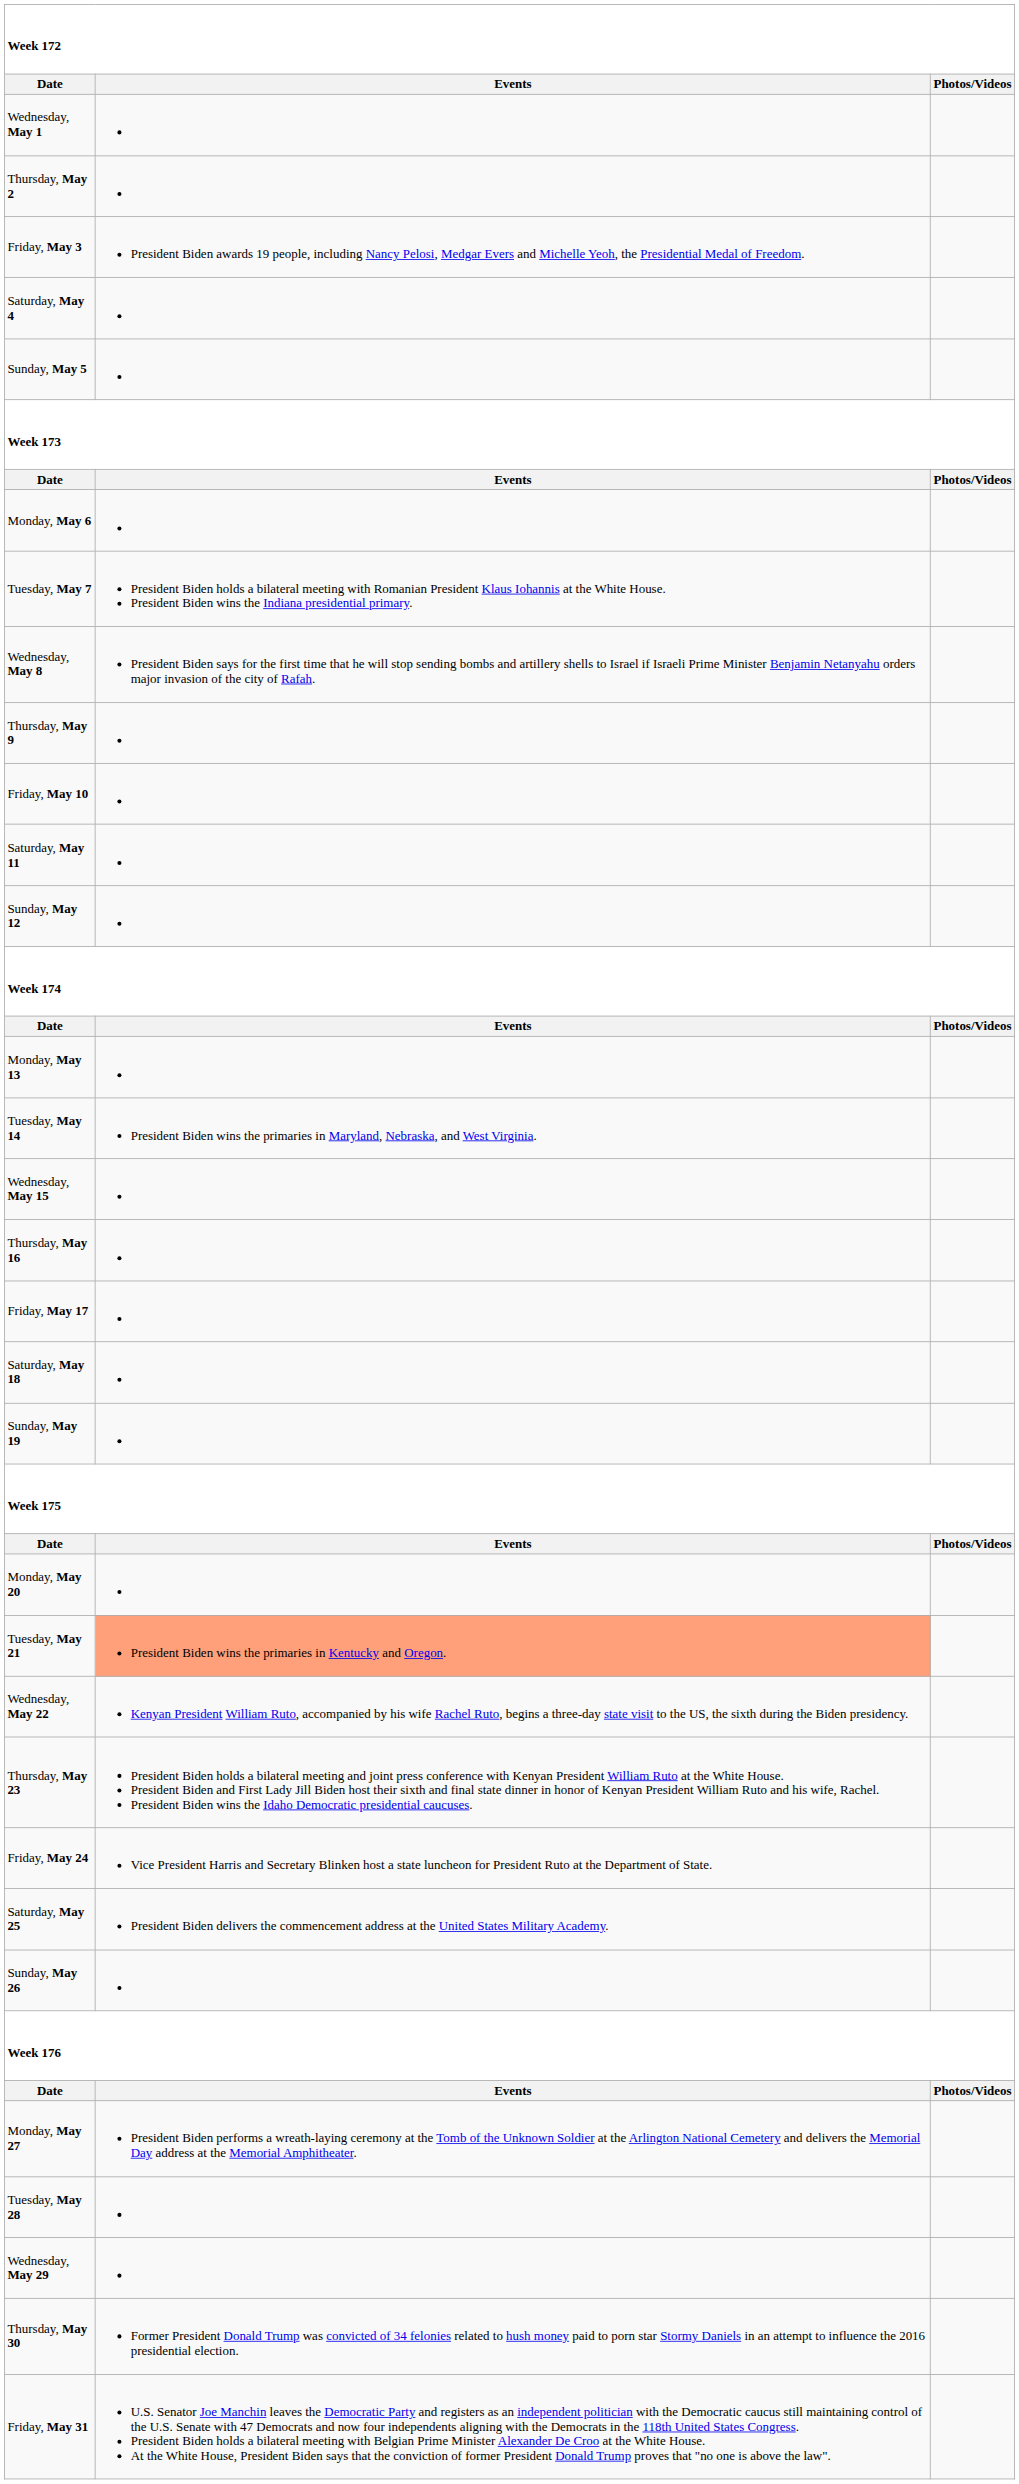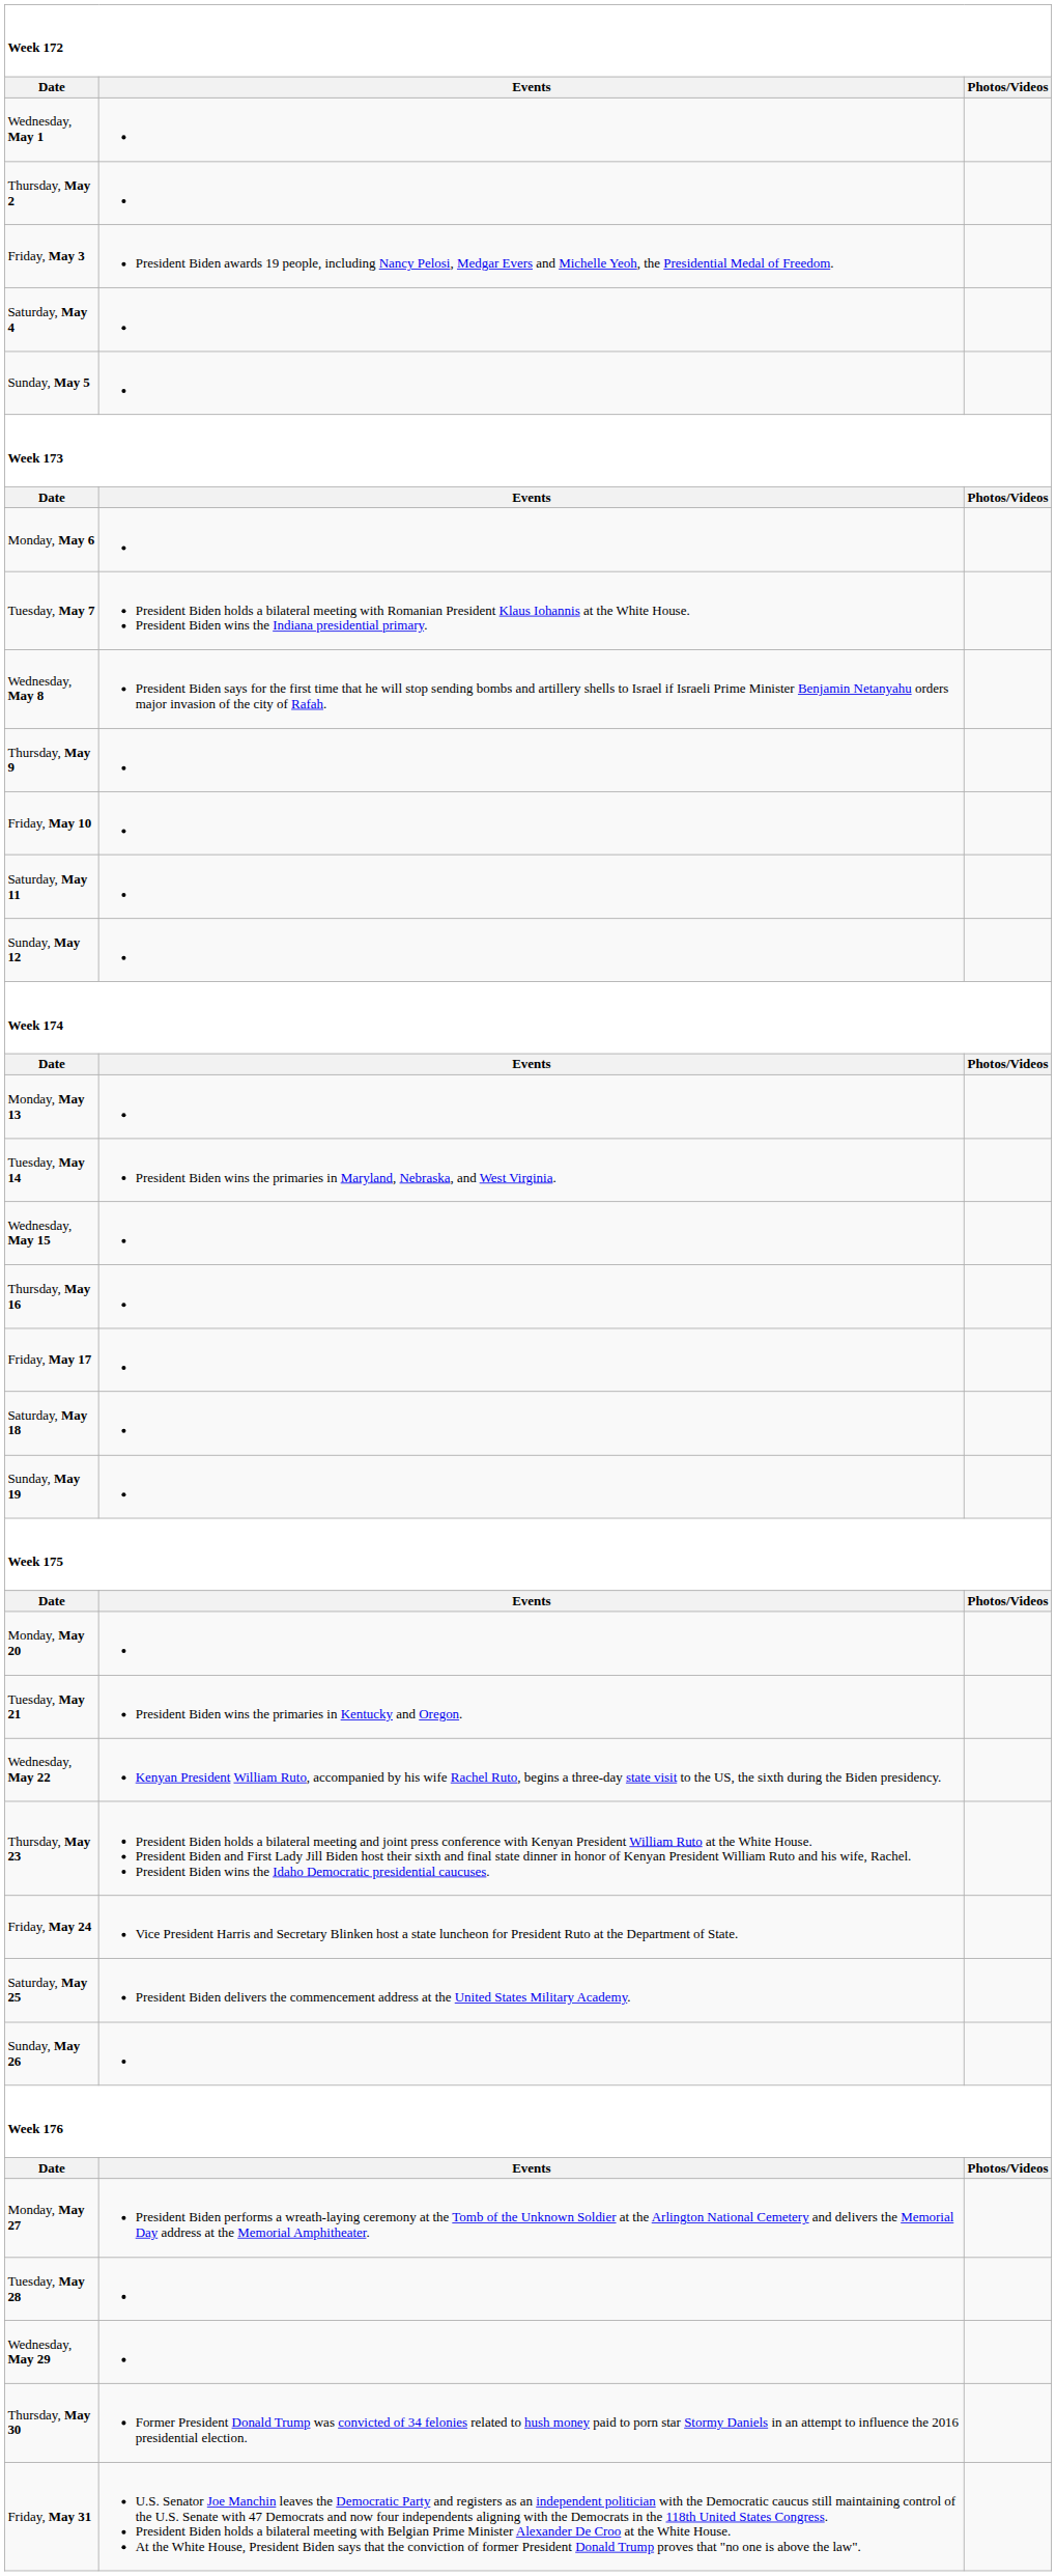 <table class="wikitable">
 <tr style="background:white;">
 <td colspan="3"><br><h4>Week 172</h4></td>
 </tr>
 <tr>
 <th>Date</th>
 <th>Events</th>
 <th>Photos/Videos</th>
 </tr>
 <tr>
 <td>Wednesday, <strong>May 1</strong></td>
 <td><br><ul><li></li></ul></td>
 <td></td>
 </tr>
 <tr>
 <td>Thursday, <strong>May 2</strong></td>
 <td><br><ul><li></li></ul></td>
 <td></td>
 </tr>
 <tr>
 <td>Friday, <strong>May 3</strong></td>
 <td><br><ul><li>President Biden awards 19 people, including <a href='#'>Nancy Pelosi</a>, <a href='#'>Medgar Evers</a> and <a href='#'>Michelle Yeoh</a>, the <a href='#'>Presidential Medal of Freedom</a>.</li></ul></td>
 <td></td>
 </tr>
 <tr>
 <td>Saturday, <strong>May 4</strong></td>
 <td><br><ul><li></li></ul></td>
 <td></td>
 </tr>
 <tr>
 <td>Sunday, <strong>May 5</strong></td>
 <td><br><ul><li></li></ul></td>
 <td></td>
 </tr>
 <tr style="background:white;">
 <td colspan="3"><br><h4>Week 173</h4></td>
 </tr>
 <tr>
 <th>Date</th>
 <th>Events</th>
 <th>Photos/Videos</th>
 </tr>
 <tr>
 <td>Monday, <strong>May 6</strong></td>
 <td><br><ul><li></li></ul></td>
 <td></td>
 </tr>
 <tr>
 <td>Tuesday, <strong>May 7</strong></td>
 <td><br><ul><li>President Biden holds a bilateral meeting with Romanian President <a href='#'>Klaus Iohannis</a> at the White House.</li><li>President Biden wins the <a href='#'>Indiana presidential primary</a>.</li></ul></td>
 <td></td>
 </tr>
 <tr>
 <td>Wednesday, <strong>May 8</strong></td>
 <td><br><ul><li>President Biden says for the first time that he will stop sending bombs and artillery shells to Israel if Israeli Prime Minister <a href='#'>Benjamin Netanyahu</a> orders major invasion of the city of <a href='#'>Rafah</a>.</li></ul></td>
 <td></td>
 </tr>
 <tr>
 <td>Thursday, <strong>May 9</strong></td>
 <td><br><ul><li></li></ul></td>
 <td></td>
 </tr>
 <tr>
 <td>Friday, <strong>May 10</strong></td>
 <td><br><ul><li></li></ul></td>
 <td></td>
 </tr>
 <tr>
 <td>Saturday, <strong>May 11</strong></td>
 <td><br><ul><li></li></ul></td>
 <td></td>
 </tr>
 <tr>
 <td>Sunday, <strong>May 12</strong></td>
 <td><br><ul><li></li></ul></td>
 <td></td>
 </tr>
 <tr style="background:white;">
 <td colspan="3"><br><h4>Week 174</h4></td>
 </tr>
 <tr>
 <th>Date</th>
 <th>Events</th>
 <th>Photos/Videos</th>
 </tr>
 <tr>
 <td>Monday, <strong>May 13</strong></td>
 <td><br><ul><li></li></ul></td>
 <td></td>
 </tr>
 <tr>
 <td>Tuesday, <strong>May 14</strong></td>
 <td><br><ul><li>President Biden wins the primaries in <a href='#'>Maryland</a>, <a href='#'>Nebraska</a>, and <a href='#'>West Virginia</a>.</li></ul></td>
 <td></td>
 </tr>
 <tr>
 <td>Wednesday, <strong>May 15</strong></td>
 <td><br><ul><li></li></ul></td>
 <td></td>
 </tr>
 <tr>
 <td>Thursday, <strong>May 16</strong></td>
 <td><br><ul><li></li></ul></td>
 <td></td>
 </tr>
 <tr>
 <td>Friday, <strong>May 17</strong></td>
 <td><br><ul><li></li></ul></td>
 <td></td>
 </tr>
 <tr>
 <td>Saturday, <strong>May 18</strong></td>
 <td><br><ul><li></li></ul></td>
 <td></td>
 </tr>
 <tr>
 <td>Sunday, <strong>May 19</strong></td>
 <td><br><ul><li></li></ul></td>
 <td></td>
 </tr>
 <tr style="background:white;">
 <td colspan="3"><br><h4>Week 175</h4></td>
 </tr>
 <tr>
 <th>Date</th>
 <th>Events</th>
 <th>Photos/Videos</th>
 </tr>
 <tr>
 <td>Monday, <strong>May 20</strong></td>
 <td><br><ul><li></li></ul></td>
 <td></td>
 </tr>
 <tr>
 <td>Tuesday, <strong>May 21</strong></td>
-<td style="background: lightsalmon;"><br><ul><li>President Biden wins the primaries in <a href='#'>Kentucky</a> and <a href='#'>Oregon</a>.</li></ul></td>
+<td><br><ul><li>President Biden wins the primaries in <a href='#'>Kentucky</a> and <a href='#'>Oregon</a>.</li></ul></td>
 <td></td>
 </tr>
 <tr>
 <td>Wednesday, <strong>May 22</strong></td>
 <td><br><ul><li><a href='#'>Kenyan President</a> <a href='#'>William Ruto</a>, accompanied by his wife <a href='#'>Rachel Ruto</a>, begins a three-day <a href='#'>state visit</a> to the US, the sixth during the Biden presidency.</li></ul></td>
 <td></td>
 </tr>
 <tr>
 <td>Thursday, <strong>May 23</strong></td>
 <td><br><ul><li>President Biden holds a bilateral meeting and joint press conference with Kenyan President <a href='#'>William Ruto</a> at the White House.</li><li>President Biden and First Lady Jill Biden host their sixth and final state dinner in honor of Kenyan President William Ruto and his wife, Rachel.</li><li>President Biden wins the <a href='#'>Idaho Democratic presidential caucuses</a>.</li></ul></td>
 <td></td>
 </tr>
 <tr>
 <td>Friday, <strong>May 24</strong></td>
 <td><br><ul><li>Vice President Harris and Secretary Blinken host a state luncheon for President Ruto at the Department of State.</li></ul></td>
 <td></td>
 </tr>
 <tr>
 <td>Saturday, <strong>May 25</strong></td>
 <td><br><ul><li>President Biden delivers the commencement address at the <a href='#'>United States Military Academy</a>.</li></ul></td>
 <td></td>
 </tr>
 <tr>
 <td>Sunday, <strong>May 26</strong></td>
 <td><br><ul><li></li></ul></td>
 <td></td>
 </tr>
 <tr style="background:white;">
 <td colspan="3"><br><h4>Week 176</h4></td>
 </tr>
 <tr>
 <th>Date</th>
 <th>Events</th>
 <th>Photos/Videos</th>
 </tr>
 <tr>
 <td>Monday, <strong>May 27</strong></td>
 <td><br><ul><li>President Biden performs a wreath-laying ceremony at the <a href='#'>Tomb of the Unknown Soldier</a> at the <a href='#'>Arlington National Cemetery</a> and delivers the <a href='#'>Memorial Day</a> address at the <a href='#'>Memorial Amphitheater</a>.</li></ul></td>
 <td></td>
 </tr>
 <tr>
 <td>Tuesday, <strong>May 28</strong></td>
 <td><br><ul><li></li></ul></td>
 <td></td>
 </tr>
 <tr>
 <td>Wednesday, <strong>May 29</strong></td>
 <td><br><ul><li></li></ul></td>
 <td></td>
 </tr>
 <tr>
 <td>Thursday, <strong>May 30</strong></td>
 <td><br><ul><li>Former President <a href='#'>Donald Trump</a> was <a href='#'>convicted of 34 felonies</a> related to <a href='#'>hush money</a> paid to porn star <a href='#'>Stormy Daniels</a> in an attempt to influence the 2016 presidential election.</li></ul></td>
 <td></td>
 </tr>
 <tr>
 <td>Friday, <strong>May 31</strong></td>
 <td><br><ul><li>U.S. Senator <a href='#'>Joe Manchin</a> leaves the <a href='#'>Democratic Party</a> and registers as an <a href='#'>independent politician</a> with the Democratic caucus still maintaining control of the U.S. Senate with 47 Democrats and now four independents aligning with the Democrats in the <a href='#'>118th United States Congress</a>.</li><li>President Biden holds a bilateral meeting with Belgian Prime Minister <a href='#'>Alexander De Croo</a> at the White House.</li><li>At the White House, President Biden says that the conviction of former President <a href='#'>Donald Trump</a> proves that "no one is above the law".</li></ul></td>
 <td></td>
 </tr>
 </table>
